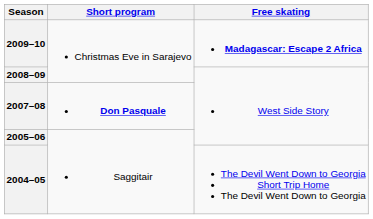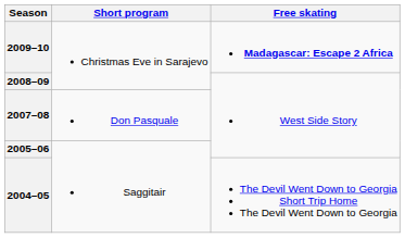 <table class=wikitable style=text-align:center>
 <tr>
 <th>Season</th>
 <th><a href='#'>Short program</a></th>
 <th><a href='#'>Free skating</a></th>
 </tr>
 <tr>
 <th>2009–10 <br> </th>
 <td rowspan=2><br><ul><li>Christmas Eve in Sarajevo <br></li></ul></td>
 <td><strong><br><ul><li><a href='#'>Madagascar: Escape 2 Africa</a></li></ul></strong></td>
 </tr>
 <tr>
 <th>2008–09 <br> </th>
 <td rowspan=3><br><ul><li><a href='#'>West Side Story</a> <br></li></ul></td>
 </tr>
 <tr>
 <th>2007–08 <br> </th>
-<td><strong><br><ul><li><a href='#'>Don Pasquale</a> <br></li></ul></strong></td>
+<td><br><ul><li><a href='#'>Don Pasquale</a> <br></li></ul></td>
 </tr>
 <tr>
 <th>2005–06 <br> </th>
 <td rowspan=2><br><ul><li>Saggitair <br></li></ul></td>
 </tr>
 <tr>
 <th>2004–05 <br> </th>
 <td><br><ul><li><a href='#'>The Devil Went Down to Georgia</a> <br></li><li><a href='#'>Short Trip Home</a> <br></li><li>The Devil Went Down to Georgia <br></li></ul></td>
 </tr>
 </table>
